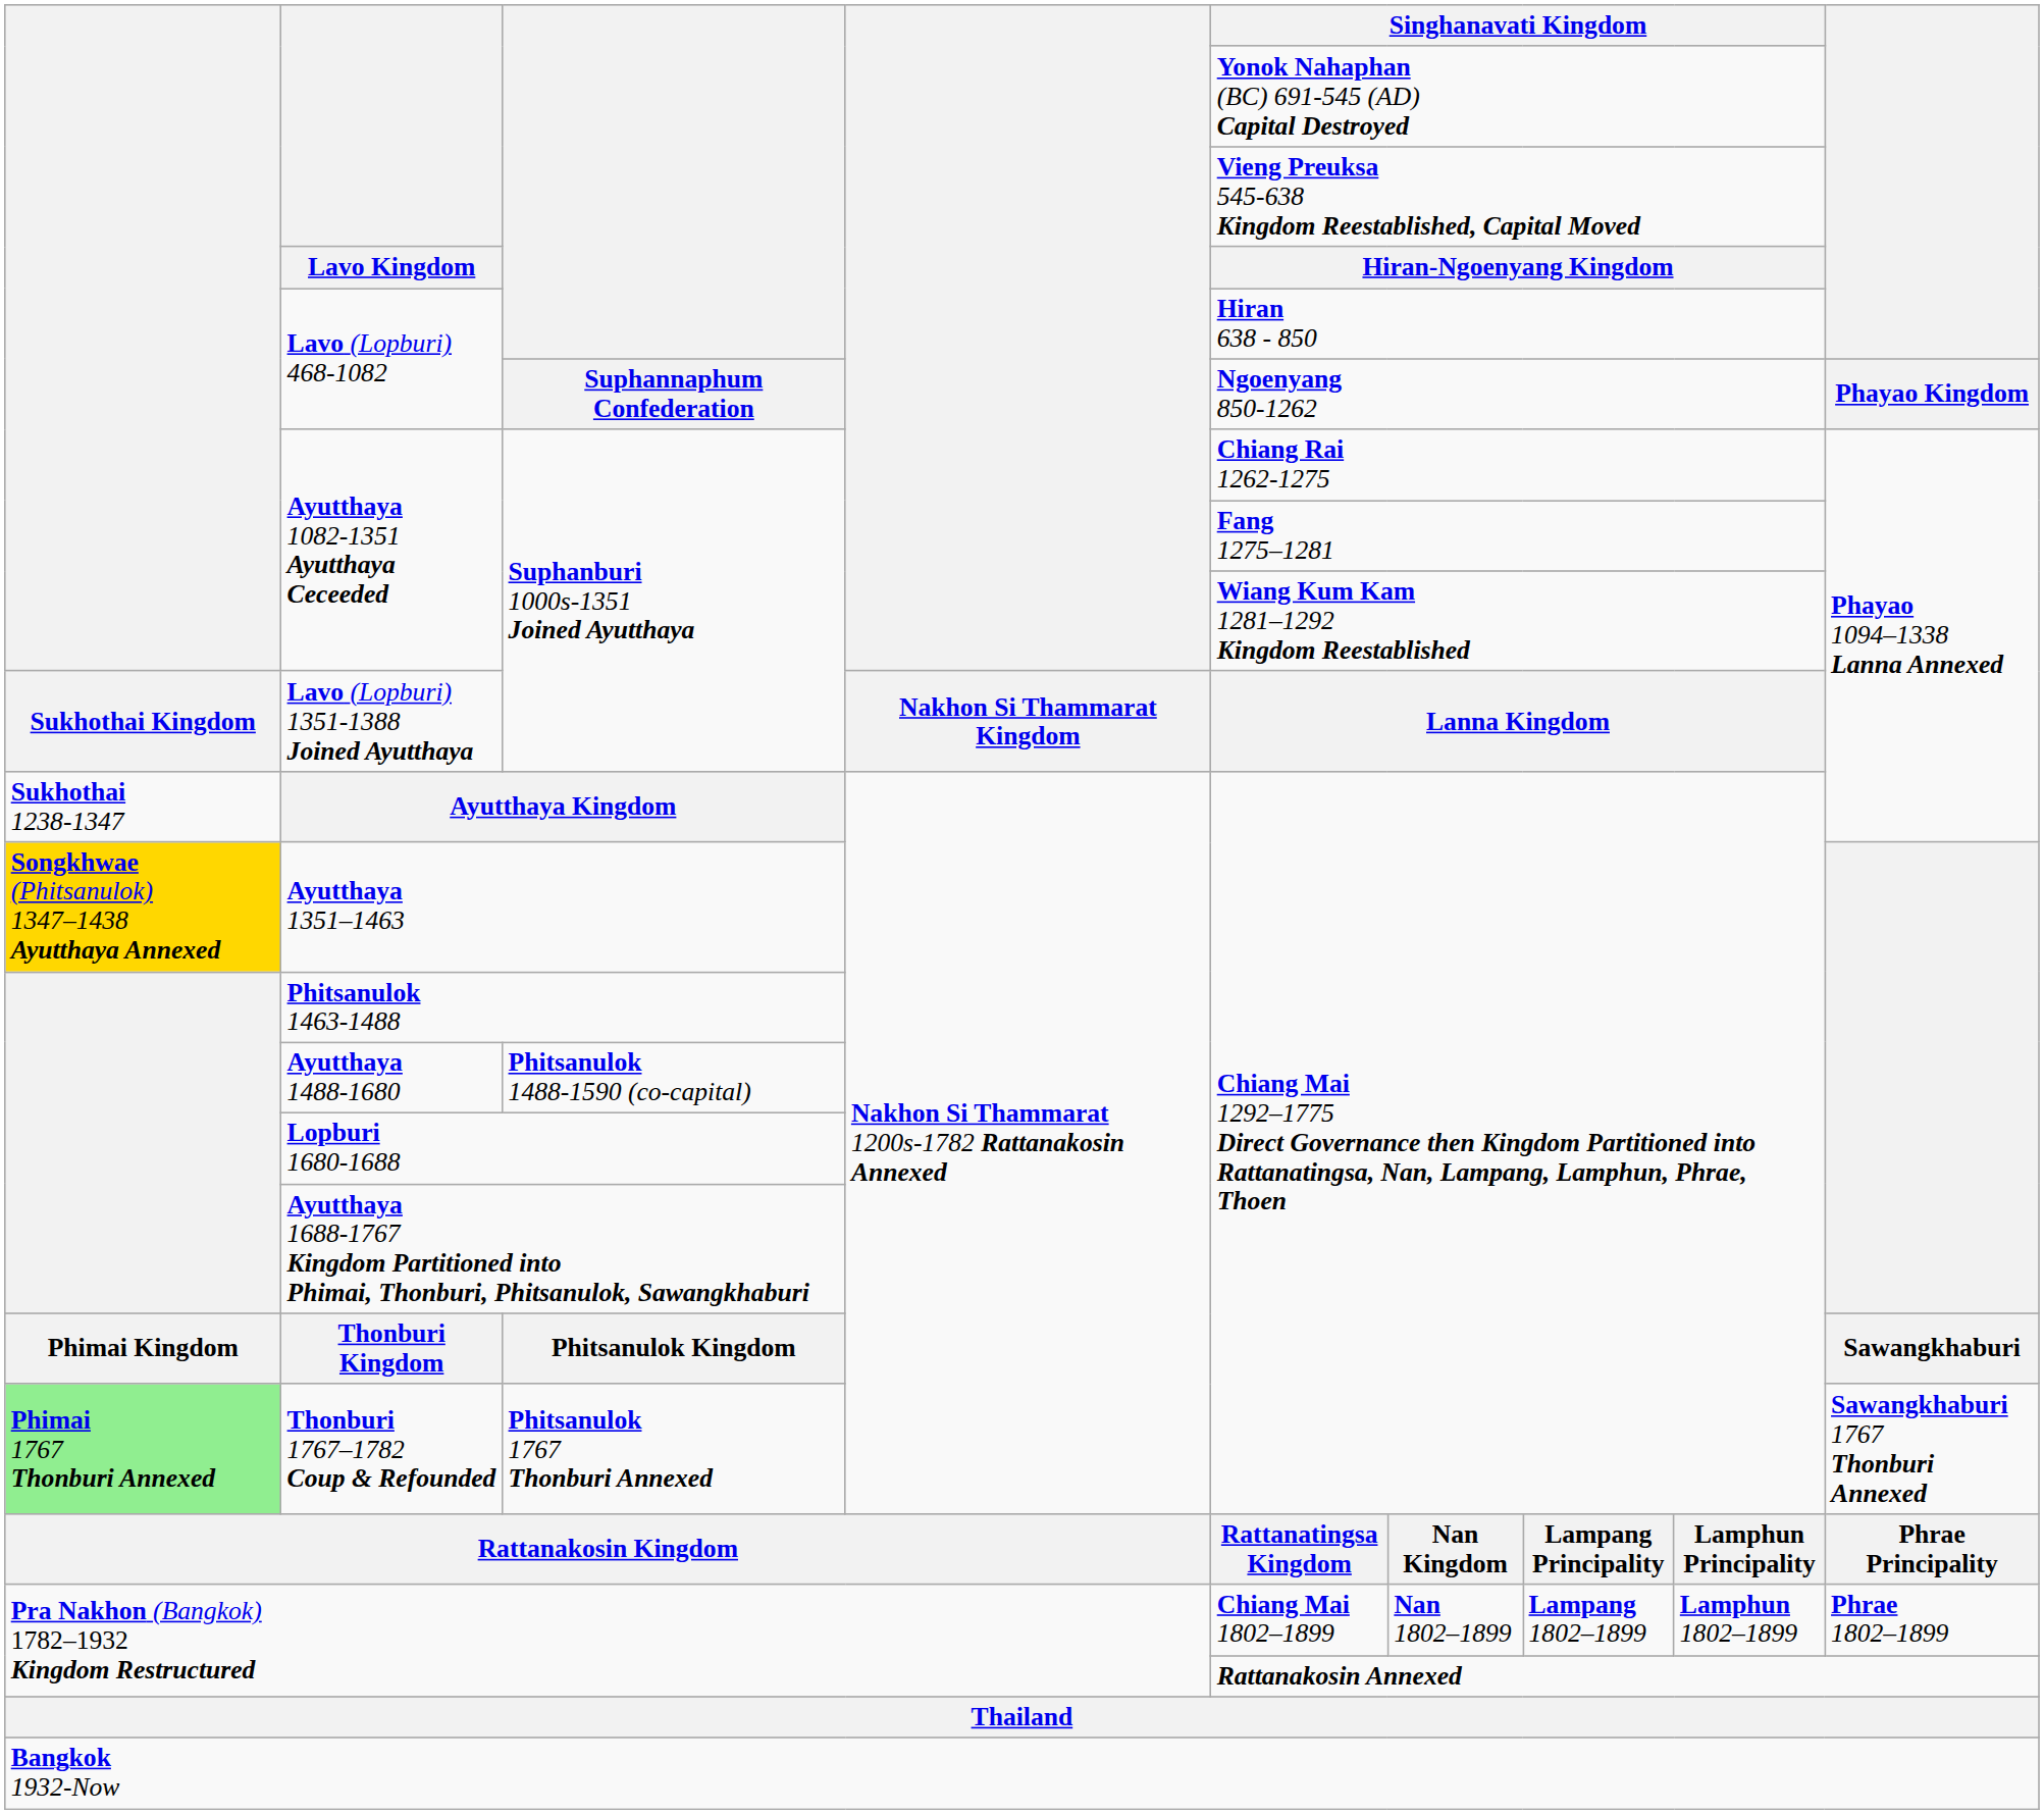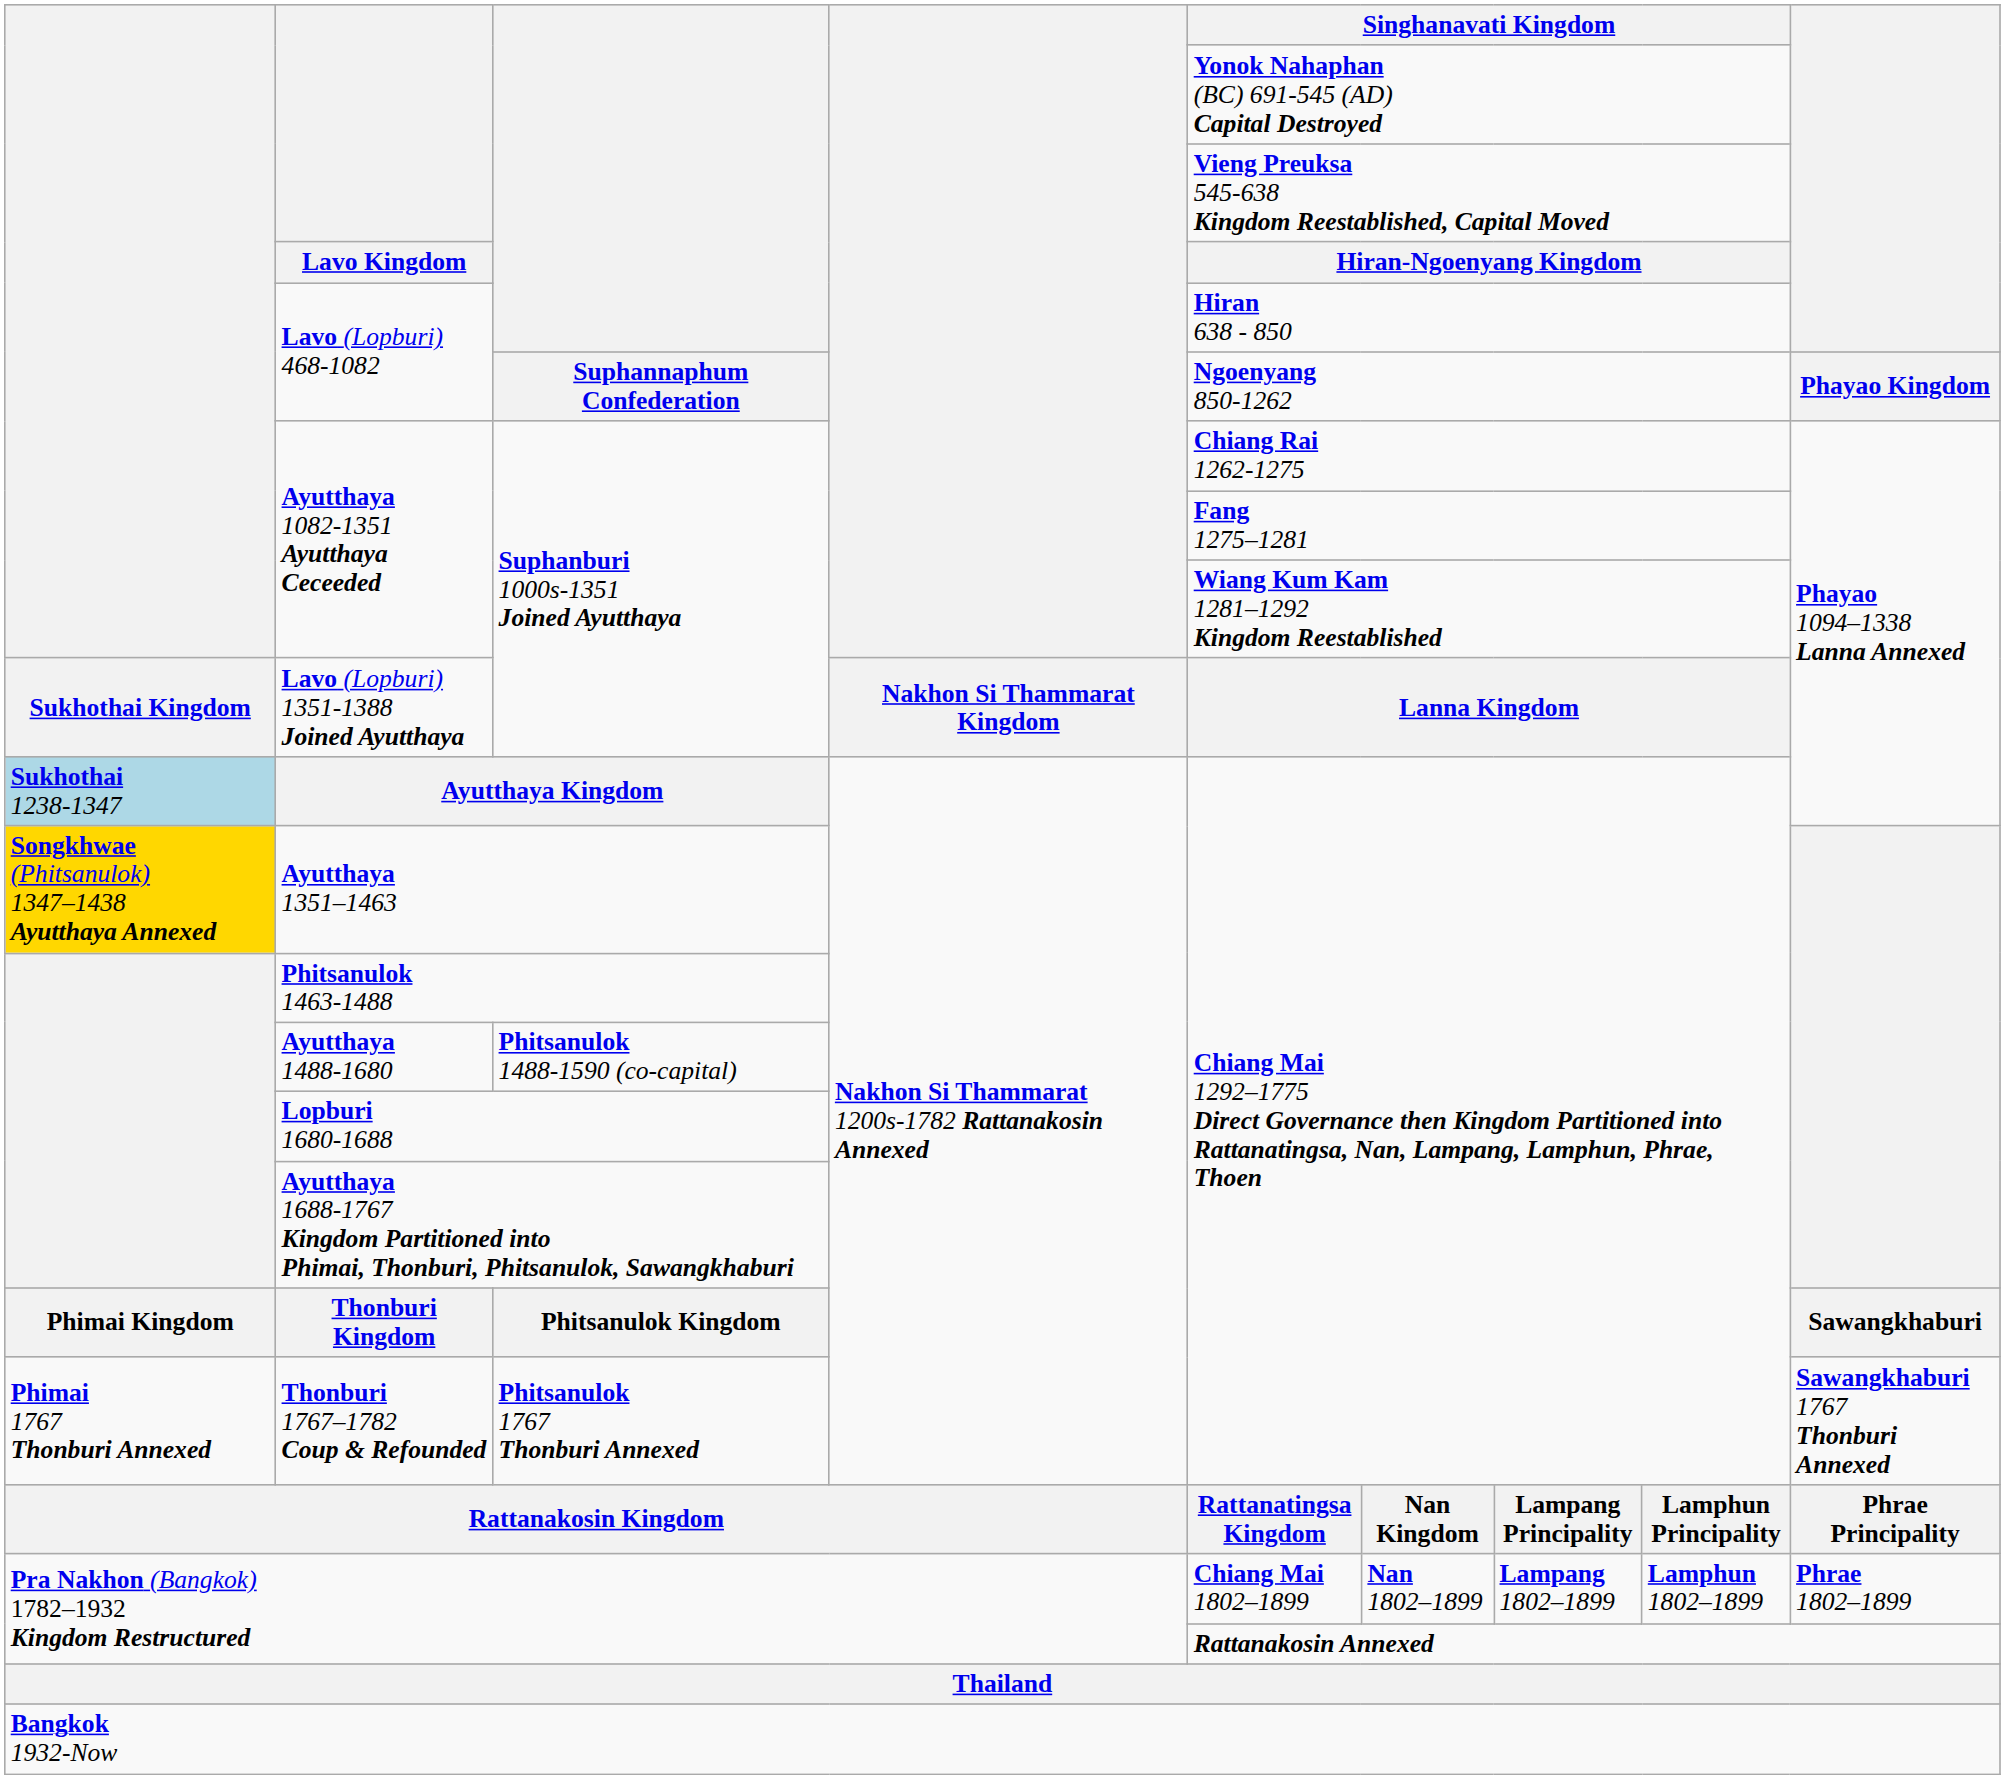 <table class="wikitable">
 <tr>
 <th rowspan="9"></th>
 <th rowspan="3"></th>
 <th rowspan="5"></th>
 <th rowspan="9"></th>
 <th colspan="4"><strong><a href='#'>Singhanavati Kingdom</a></strong></th>
 <th rowspan="5"></th>
 </tr>
 <tr>
 <td colspan="4"><a href='#'><strong>Yonok Nahaphan</strong></a><br><em>(BC) 691-545 (AD)</em><br><strong><em>Capital Destroyed</em></strong></td>
 </tr>
 <tr>
 <td colspan="4"><a href='#'><strong>Vieng Preuksa</strong></a><br><em>545-638</em><br><strong><em>Kingdom Reestablished,</em></strong> <strong><em>Capital Moved</em></strong></td>
 </tr>
 <tr>
 <th><a href='#'>Lavo Kingdom</a></th>
 <th colspan="4"><strong><a href='#'>Hiran-Ngoenyang Kingdom</a></strong></th>
 </tr>
 <tr>
 <td rowspan="2"><a href='#'><strong>Lavo</strong> <em>(Lopburi)</em></a><br><em>468-1082</em></td>
 <td colspan="4"><a href='#'><strong>Hiran</strong></a><br><em>638 - 850</em></td>
 </tr>
 <tr>
 <th><a href='#'>Suphannaphum Confederation</a></th>
 <td colspan="4"><a href='#'><strong>Ngoenyang</strong></a><br><em>850-1262</em></td>
 <th><a href='#'>Phayao Kingdom</a></th>
 </tr>
 <tr>
 <td rowspan="3"><a href='#'><strong>Ayutthaya</strong></a><br><em>1082-1351</em><br><strong><em>Ayutthaya Ceceeded</em></strong></td>
 <td rowspan="4"><strong><a href='#'>Suphanburi</a></strong><br><em>1000s-1351</em><br><strong><em>Joined Ayutthaya</em></strong></td>
 <td colspan="4"><strong><a href='#'>Chiang Rai</a></strong><br><em>1262-1275</em></td>
 <td rowspan="5"><strong><a href='#'>Phayao</a></strong><br><em>1094–1338</em><br><strong><em>Lanna Annexed</em></strong></td>
 </tr>
 <tr>
 <td colspan="4"><a href='#'><strong>Fang</strong></a><br><em>1275–1281</em></td>
 </tr>
 <tr>
 <td colspan="4"><strong><a href='#'>Wiang Kum Kam</a></strong><br><em>1281–1292</em><br><strong><em>Kingdom Reestablished</em></strong></td>
 </tr>
 <tr>
 <th><a href='#'>Sukhothai Kingdom</a></th>
 <td><a href='#'><strong>Lavo</strong> <em>(Lopburi)</em></a><br><em>1351-1388</em><br><strong><em>Joined Ayutthaya</em></strong></td>
 <th><a href='#'>Nakhon Si Thammarat Kingdom</a></th>
 <th colspan="4"><a href='#'>Lanna Kingdom</a></th>
 </tr>
 <tr>
-<td><a href='#'><strong>Sukhothai</strong></a><br><em>1238-1347</em></td>
+<td style="background: lightblue;"><a href='#'><strong>Sukhothai</strong></a><br><em>1238-1347</em></td>
 <th colspan="2"><a href='#'>Ayutthaya Kingdom</a></th>
 <td rowspan="8"><strong><a href='#'>Nakhon Si Thammarat</a></strong><br><em>1200s-1782</em> <strong><em>Rattanakosin Annexed</em></strong></td>
 <td colspan="4" rowspan="8"><strong><a href='#'>Chiang Mai</a></strong><br><em>1292–1775</em><br><strong><em>Direct Governance then Kingdom Partitioned into</em></strong><br><strong><em>Rattanatingsa, Nan, Lampang, Lamphun, Phrae, Thoen</em></strong></td>
 </tr>
 <tr>
 <td style="background: gold;"><a href='#'><strong>Songkhwae</strong> <em>(Phitsanulok)</em></a><br><em>1347–1438</em><br><strong><em>Ayutthaya Annexed</em></strong></td>
 <td colspan="2"><a href='#'><strong>Ayutthaya</strong></a><br><em>1351–1463</em></td>
 <th rowspan="5"></th>
 </tr>
 <tr>
 <th rowspan="4"></th>
 <td colspan="2"><a href='#'><strong>Phitsanulok</strong></a><br><em>1463-1488</em></td>
 </tr>
 <tr>
 <td><a href='#'><strong>Ayutthaya</strong></a><br><em>1488-1680</em></td>
 <td><a href='#'><strong>Phitsanulok</strong></a><br><em>1488-1590 (co-capital)</em></td>
 </tr>
 <tr>
 <td colspan="2"><a href='#'><strong>Lopburi</strong></a><br><em>1680-1688</em></td>
 </tr>
 <tr>
 <td colspan="2"><a href='#'><strong>Ayutthaya</strong></a><br><em>1688-1767</em><br><strong><em>Kingdom Partitioned into</em></strong><br><strong><em>Phimai, Thonburi, Phitsanulok, Sawangkhaburi</em></strong></td>
 </tr>
 <tr>
 <th>Phimai Kingdom</th>
 <th><a href='#'>Thonburi Kingdom</a></th>
 <th>Phitsanulok Kingdom</th>
 <th>Sawangkhaburi</th>
 </tr>
 <tr>
-<td style="background: lightgreen;"><strong><a href='#'>Phimai</a></strong><br><em>1767</em><br><strong><em>Thonburi Annexed</em></strong></td>
+<td><strong><a href='#'>Phimai</a></strong><br><em>1767</em><br><strong><em>Thonburi Annexed</em></strong></td>
 <td><strong><a href='#'>Thonburi</a></strong><br><em>1767–1782</em><br><strong><em>Coup & Refounded</em></strong></td>
 <td><a href='#'><strong>Phitsanulok</strong></a><br><em>1767</em><br><strong><em>Thonburi Annexed</em></strong></td>
 <td><strong><a href='#'>Sawangkhaburi</a></strong><br><em>1767</em><br><strong><em>Thonburi Annexed</em></strong></td>
 </tr>
 <tr>
 <th colspan="4"><a href='#'>Rattanakosin Kingdom</a></th>
 <th><a href='#'>Rattanatingsa</a><br><a href='#'>Kingdom</a></th>
 <th>Nan<br>Kingdom</th>
 <th>Lampang<br>Principality</th>
 <th>Lamphun<br>Principality</th>
 <th>Phrae<br>Principality</th>
 </tr>
 <tr>
 <td colspan="4" rowspan="2"><a href='#'><strong>Pra Nakhon</strong> <em>(Bangkok)</em></a><br>1782–1932<br><strong><em>Kingdom Restructured</em></strong></td>
 <td><strong><a href='#'>Chiang Mai</a></strong><br><em>1802–1899</em></td>
 <td><a href='#'><strong>Nan</strong></a><br><em>1802–1899</em></td>
 <td><strong><a href='#'>Lampang</a></strong><br><em>1802–1899</em></td>
 <td><strong><a href='#'>Lamphun</a></strong><br><em>1802–1899</em></td>
 <td><strong><a href='#'>Phrae</a></strong><br><em>1802–1899</em></td>
 </tr>
 <tr>
 <td colspan="5"><strong><em>Rattanakosin Annexed</em></strong></td>
 </tr>
 <tr>
 <th colspan="9"><a href='#'>Thailand</a></th>
 </tr>
 <tr>
 <td colspan="9"><strong><a href='#'>Bangkok</a></strong><br><em>1932-Now</em></td>
 </tr>
 </table>
